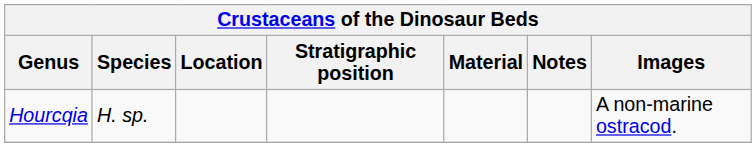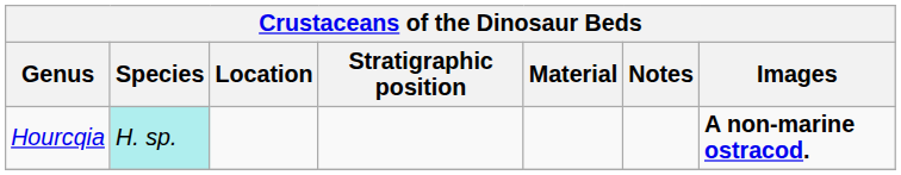 <table class="wikitable" align="center">
 <tr>
 <th colspan="7" align="center"><a href='#'>Crustaceans</a> of the Dinosaur Beds</th>
 </tr>
 <tr>
 <th>Genus</th>
 <th>Species</th>
 <th>Location</th>
 <th>Stratigraphic position</th>
 <th>Material</th>
 <th>Notes</th>
 <th>Images</th>
 </tr>
 <tr>
 <td><em><a href='#'>Hourcqia</a></em></td>
-<td><em>H. sp.</em></td>
+<td style="background: paleturquoise;"><em>H. sp.</em></td>
 <td></td>
 <td></td>
 <td></td>
 <td></td>
-<td>A non-marine <a href='#'>ostracod</a>.</td>
+<td><strong>A non-marine <a href='#'>ostracod</a>.</strong></td>
 </tr>
 <tr>
 </tr>
 </table>
